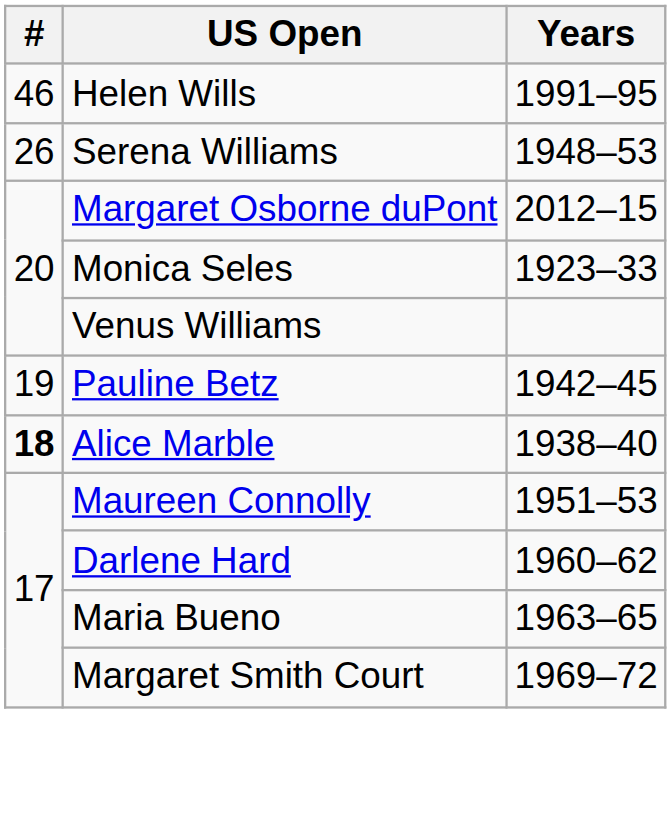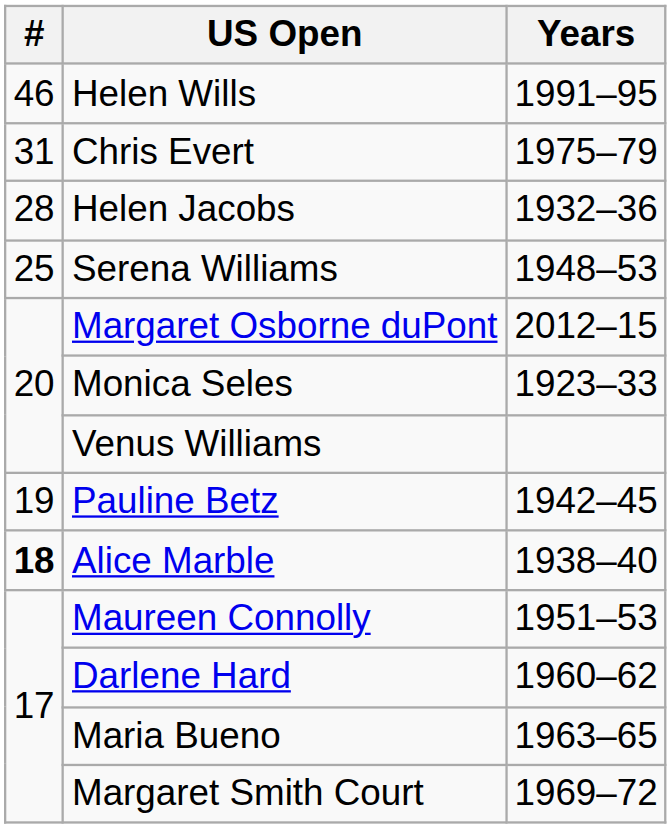 <table class="wikitable" style="display:inline-table;">
 <tr>
 <th style="width:18px;">#</th>
 <th>US Open</th>
 <th>Years</th>
 </tr>
 <tr>
 <td>46</td>
 <td> Helen Wills</td>
 <td>1991–95</td>
 </tr>
 <tr>
-<td>26</td>
+<td>31</td>
+<td> Chris Evert</td>
+<td>1975–79</td>
+</tr>
+<tr>
+<td>28</td>
+<td> Helen Jacobs</td>
+<td>1932–36</td>
+</tr>
+<tr>
+<td>25</td>
 <td> Serena Williams</td>
 <td>1948–53</td>
 </tr>
 <tr>
 <td rowspan="3">20</td>
 <td> <a href='#'>Margaret Osborne duPont</a></td>
 <td>2012–15</td>
 </tr>
 <tr>
 <td> Monica Seles</td>
 <td>1923–33</td>
 </tr>
 <tr>
 <td> Venus Williams</td>
 <td></td>
 </tr>
 <tr>
 <td>19</td>
 <td> <a href='#'>Pauline Betz</a></td>
 <td>1942–45</td>
 </tr>
 <tr>
 <td><strong>18</strong></td>
 <td> <a href='#'>Alice Marble</a></td>
 <td>1938–40</td>
 </tr>
 <tr>
 <td rowspan=4>17</td>
 <td> <a href='#'>Maureen Connolly</a></td>
 <td>1951–53</td>
 </tr>
 <tr>
 <td> <a href='#'>Darlene Hard</a></td>
 <td>1960–62</td>
 </tr>
 <tr>
 <td> Maria Bueno</td>
 <td>1963–65</td>
 </tr>
 <tr>
 <td> Margaret Smith Court</td>
 <td>1969–72</td>
 </tr>
 </table>
